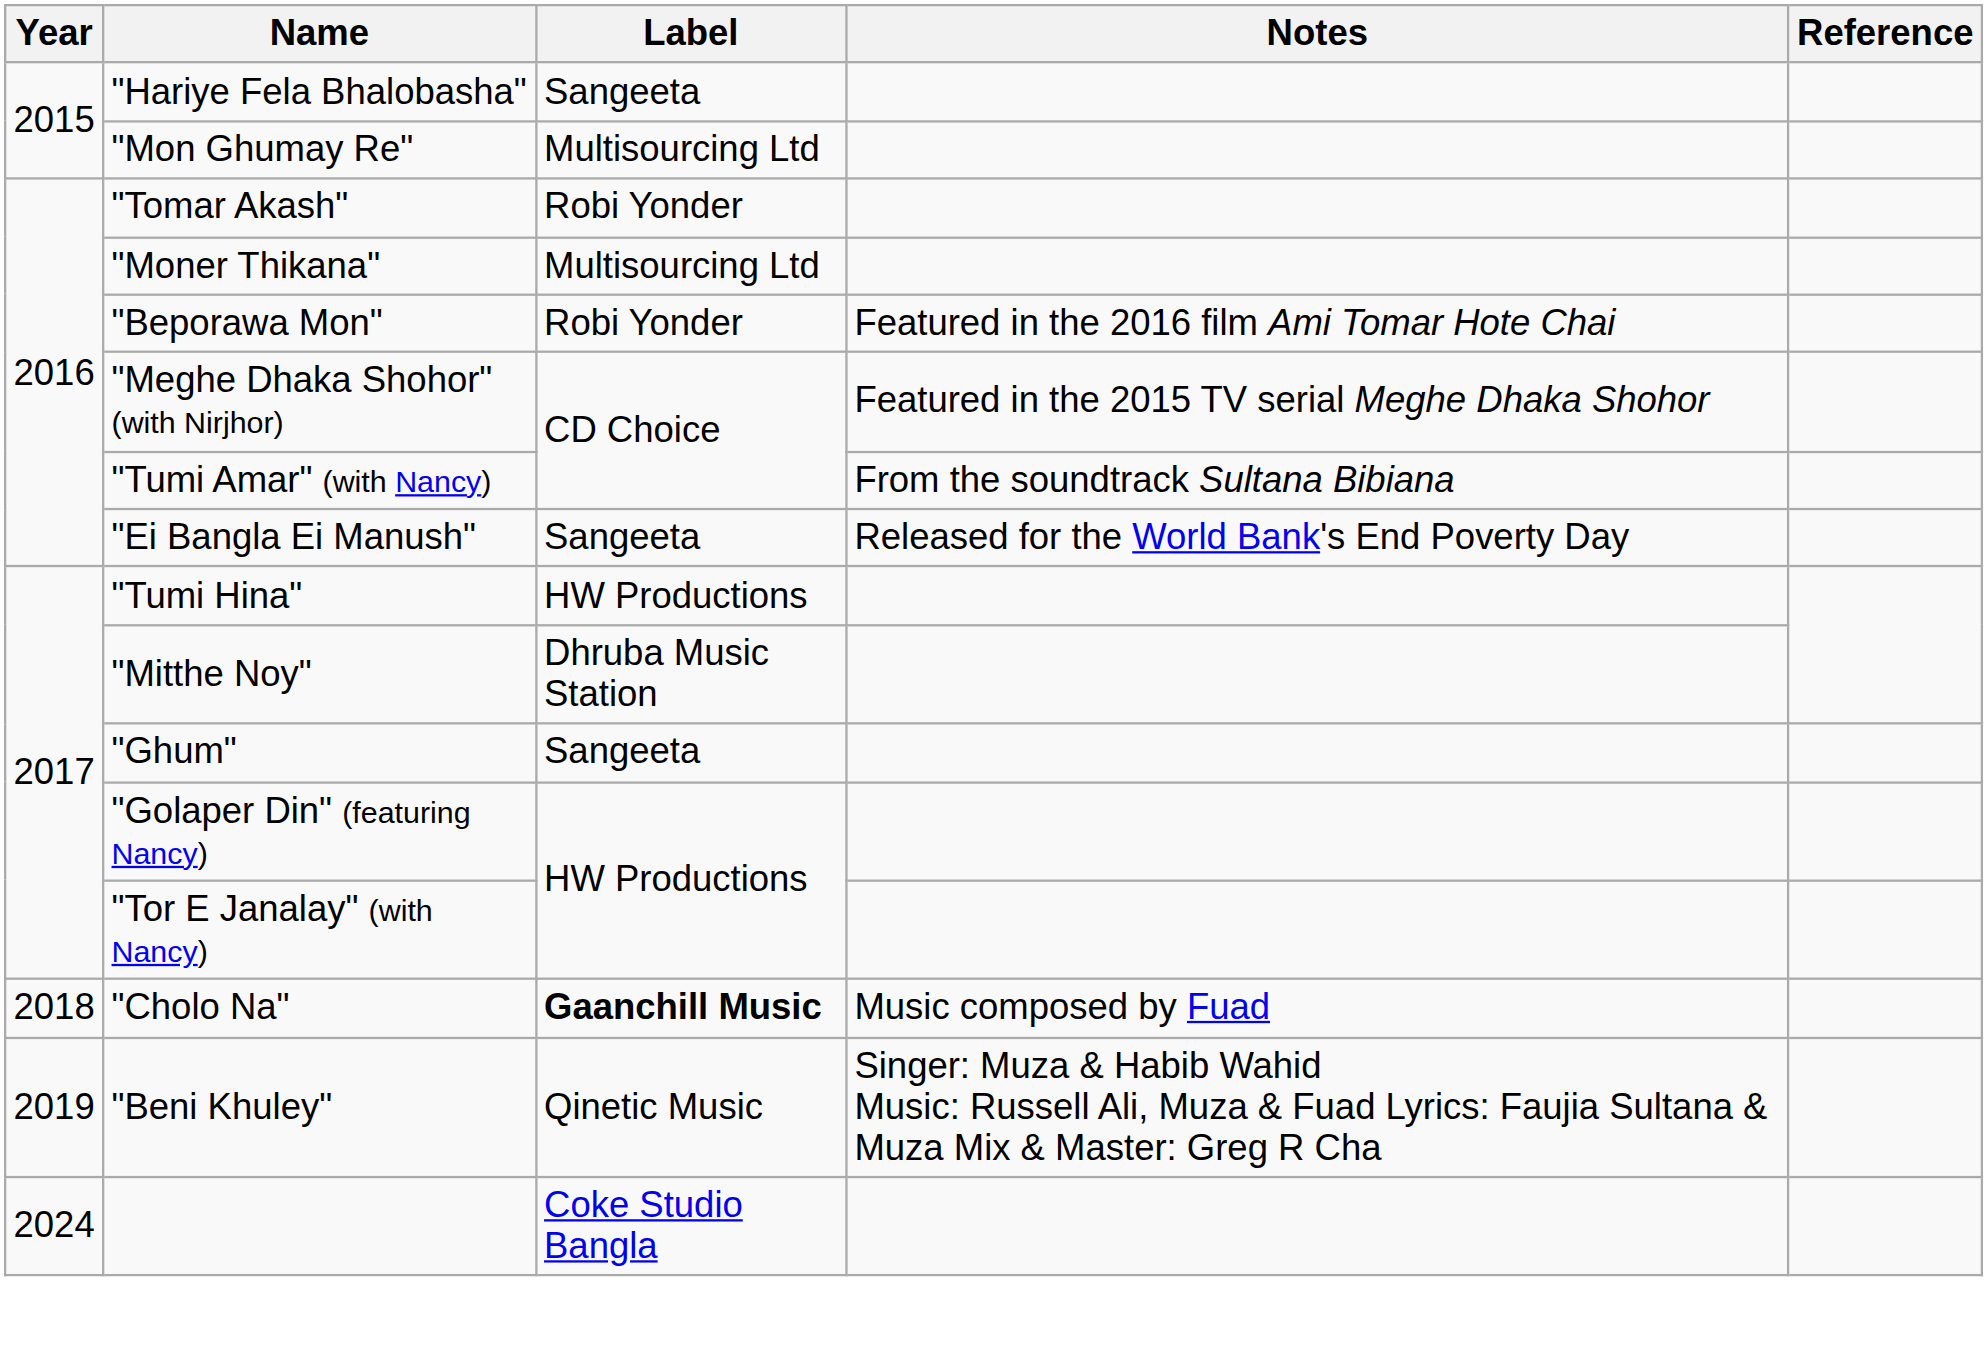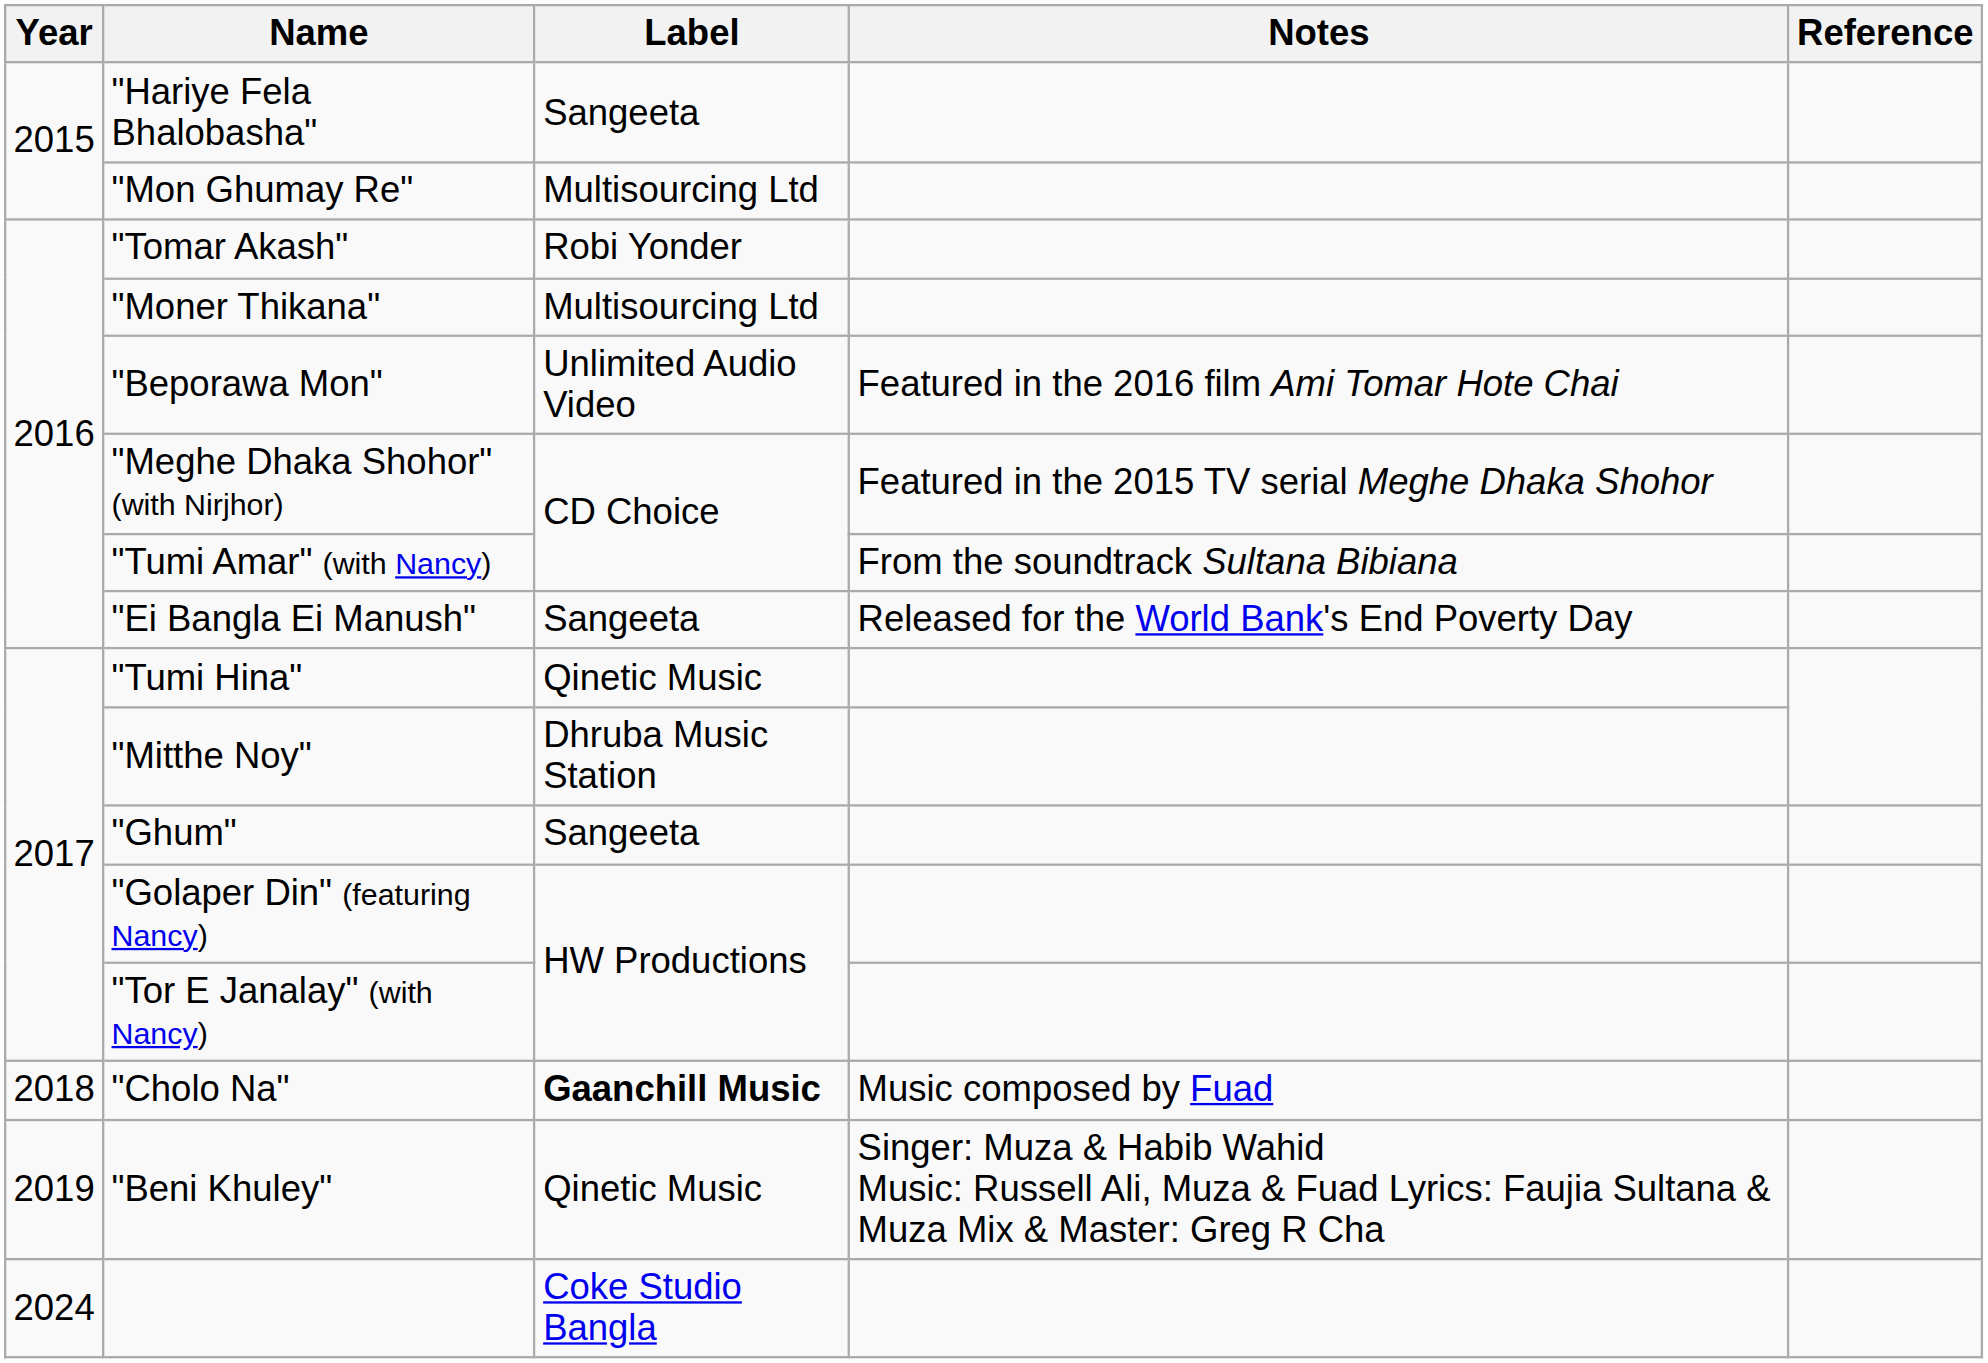 <table class="wikitable">
 <tr>
 <th>Year</th>
 <th>Name</th>
 <th>Label</th>
 <th>Notes</th>
 <th>Reference</th>
 </tr>
 <tr>
 <td rowspan="2">2015</td>
 <td>"Hariye Fela Bhalobasha"</td>
 <td>Sangeeta</td>
 <td></td>
 <td></td>
 </tr>
 <tr>
 <td>"Mon Ghumay Re"</td>
 <td>Multisourcing Ltd</td>
 <td></td>
 <td></td>
 </tr>
 <tr>
 <td rowspan="6">2016</td>
 <td>"Tomar Akash"</td>
 <td>Robi Yonder</td>
 <td></td>
 <td></td>
 </tr>
 <tr>
 <td>"Moner Thikana"</td>
 <td>Multisourcing Ltd</td>
 <td></td>
 <td></td>
 </tr>
 <tr>
 <td>"Beporawa Mon"</td>
-<td>Robi Yonder</td>
+<td>Unlimited Audio Video</td>
 <td>Featured in the 2016 film <em>Ami Tomar Hote Chai</em></td>
 <td></td>
 </tr>
 <tr>
 <td>"Meghe Dhaka Shohor" <small>(with Nirjhor)</small></td>
 <td rowspan="2">CD Choice</td>
 <td>Featured in the 2015 TV serial <em>Meghe Dhaka Shohor</em></td>
 <td></td>
 </tr>
 <tr>
 <td>"Tumi Amar" <small>(with <a href='#'>Nancy</a>)</small></td>
 <td>From the soundtrack <em>Sultana Bibiana</em></td>
 <td></td>
 </tr>
 <tr>
 <td>"Ei Bangla Ei Manush"</td>
 <td>Sangeeta</td>
 <td>Released for the <a href='#'>World Bank</a>'s End Poverty Day</td>
 <td></td>
 </tr>
 <tr>
 <td rowspan="5">2017</td>
 <td>"Tumi Hina"</td>
-<td>HW Productions</td>
+<td>Qinetic Music</td>
 <td></td>
 <td rowspan="2"></td>
 </tr>
 <tr>
 <td>"Mitthe Noy"</td>
 <td>Dhruba Music Station</td>
 <td></td>
 </tr>
 <tr>
 <td>"Ghum"</td>
 <td>Sangeeta</td>
 <td></td>
 <td></td>
 </tr>
 <tr>
 <td>"Golaper Din" <small>(featuring <a href='#'>Nancy</a>)</small></td>
 <td rowspan="2">HW Productions</td>
 <td></td>
 <td></td>
 </tr>
 <tr>
 <td>"Tor E Janalay" <small>(with <a href='#'>Nancy</a>)</small></td>
 <td></td>
 <td></td>
 </tr>
 <tr>
 <td>2018</td>
 <td>"Cholo Na"</td>
 <td><strong>Gaanchill Music</strong></td>
 <td>Music composed by <a href='#'>Fuad</a></td>
 <td></td>
 </tr>
 <tr>
 <td>2019</td>
 <td>"Beni Khuley"</td>
 <td>Qinetic Music</td>
 <td>Singer: Muza & Habib Wahid<br>Music: Russell Ali, Muza & Fuad  Lyrics: Faujia Sultana & Muza Mix &  Master: Greg R Cha</td>
 <td></td>
 </tr>
 <tr>
 <td>2024</td>
 <td></td>
 <td><a href='#'>Coke Studio Bangla</a></td>
 <td></td>
 <td></td>
 </tr>
 </table>
